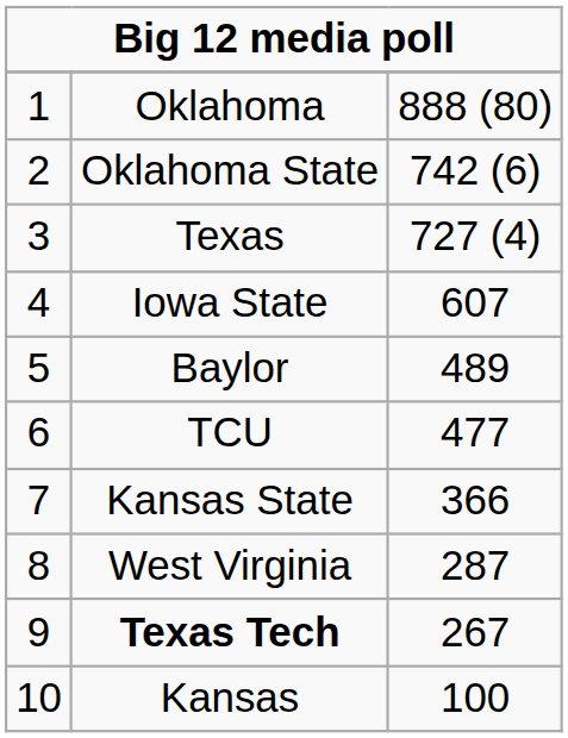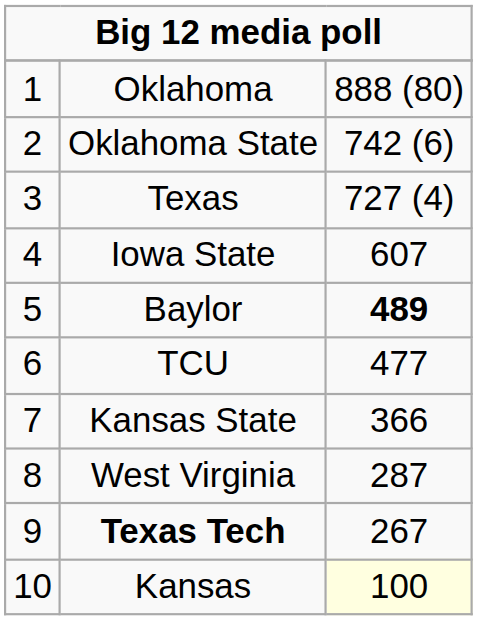 <table class="wikitable" style="display: inline-table;">
 <tr>
 <td align="center" Colspan="3"><strong>Big 12 media poll</strong></td>
 </tr>
 <tr align="center">
 </tr>
 <tr align="center">
 <td>1</td>
 <td>Oklahoma</td>
 <td>888 (80)</td>
 </tr>
 <tr align="center">
 <td>2</td>
 <td>Oklahoma State</td>
 <td>742 (6)</td>
 </tr>
 <tr align="center">
 <td>3</td>
 <td>Texas</td>
 <td>727 (4)</td>
 </tr>
 <tr align="center">
 <td>4</td>
 <td>Iowa State</td>
 <td>607</td>
 </tr>
 <tr align="center">
 <td>5</td>
 <td>Baylor</td>
-<td>489</td>
+<td><strong>489</strong></td>
 </tr>
 <tr align="center">
 <td>6</td>
 <td>TCU</td>
 <td>477</td>
 </tr>
 <tr align="center">
 <td>7</td>
 <td>Kansas State</td>
 <td>366</td>
 </tr>
 <tr align="center">
 <td>8</td>
 <td>West Virginia</td>
 <td>287</td>
 </tr>
 <tr align="center">
 <td>9</td>
 <td><strong>Texas Tech</strong></td>
 <td>267</td>
 </tr>
 <tr align="center">
 <td>10</td>
 <td>Kansas</td>
-<td>100</td>
+<td style="background: lightyellow;">100</td>
 </tr>
 </table>
